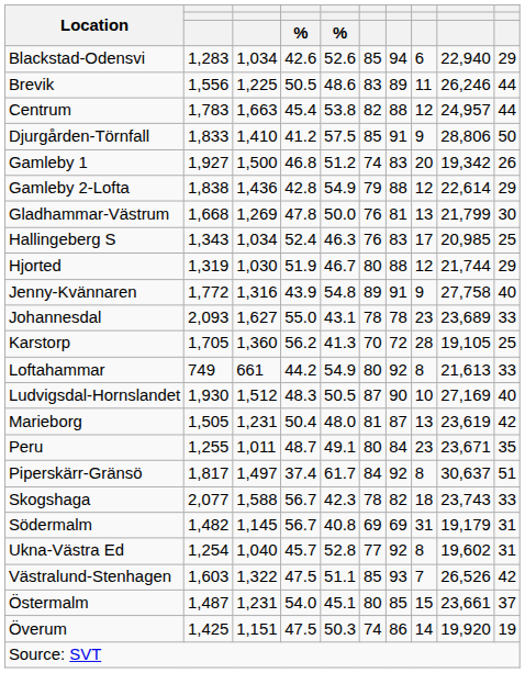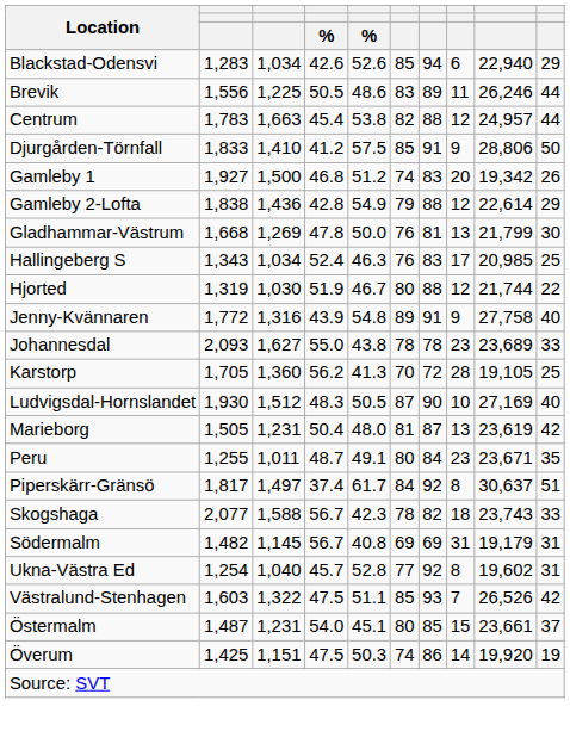 <table role="presentation" class="wikitable sortable mw-collapsible">
 <tr>
 <th rowspan="3">Location</th>
 <th></th>
 <th></th>
 <th></th>
 <th></th>
 <th></th>
 <th></th>
 <th></th>
 <th></th>
 <th></th>
 </tr>
 <tr>
 <th></th>
 <th></th>
 <th style="background:"></th>
 <th style="background:"></th>
 <th></th>
 <th></th>
 <th></th>
 <th></th>
 <th></th>
 </tr>
 <tr>
 <th data-sort-type="number"></th>
 <th data-sort-type="number"></th>
 <th data-sort-type="number">%</th>
 <th data-sort-type="number">%</th>
 <th data-sort-type="number"></th>
 <th data-sort-type="number"></th>
 <th data-sort-type="number"></th>
 <th data-sort-type="number"></th>
 <th data-sort-type="number"></th>
 </tr>
 <tr>
 <td align="left">Blackstad-Odensvi</td>
 <td>1,283</td>
 <td>1,034</td>
 <td>42.6</td>
 <td>52.6</td>
 <td>85</td>
 <td>94</td>
 <td>6</td>
 <td>22,940</td>
 <td>29</td>
 </tr>
 <tr>
 <td align="left">Brevik</td>
 <td>1,556</td>
 <td>1,225</td>
 <td>50.5</td>
 <td>48.6</td>
 <td>83</td>
 <td>89</td>
 <td>11</td>
 <td>26,246</td>
 <td>44</td>
 </tr>
 <tr>
 <td align="left">Centrum</td>
 <td>1,783</td>
 <td>1,663</td>
 <td>45.4</td>
 <td>53.8</td>
 <td>82</td>
 <td>88</td>
 <td>12</td>
 <td>24,957</td>
 <td>44</td>
 </tr>
 <tr>
 <td align="left">Djurgården-Törnfall</td>
 <td>1,833</td>
 <td>1,410</td>
 <td>41.2</td>
 <td>57.5</td>
 <td>85</td>
 <td>91</td>
 <td>9</td>
 <td>28,806</td>
 <td>50</td>
 </tr>
 <tr>
 <td align="left">Gamleby 1</td>
 <td>1,927</td>
 <td>1,500</td>
 <td>46.8</td>
 <td>51.2</td>
 <td>74</td>
 <td>83</td>
 <td>20</td>
 <td>19,342</td>
 <td>26</td>
 </tr>
 <tr>
 <td align="left">Gamleby 2-Lofta</td>
 <td>1,838</td>
 <td>1,436</td>
 <td>42.8</td>
 <td>54.9</td>
 <td>79</td>
 <td>88</td>
 <td>12</td>
 <td>22,614</td>
 <td>29</td>
 </tr>
 <tr>
 <td align="left">Gladhammar-Västrum</td>
 <td>1,668</td>
 <td>1,269</td>
 <td>47.8</td>
 <td>50.0</td>
 <td>76</td>
 <td>81</td>
 <td>13</td>
 <td>21,799</td>
 <td>30</td>
 </tr>
 <tr>
 <td align="left">Hallingeberg S</td>
 <td>1,343</td>
 <td>1,034</td>
 <td>52.4</td>
 <td>46.3</td>
 <td>76</td>
 <td>83</td>
 <td>17</td>
 <td>20,985</td>
 <td>25</td>
 </tr>
 <tr>
 <td align="left">Hjorted</td>
 <td>1,319</td>
 <td>1,030</td>
 <td>51.9</td>
 <td>46.7</td>
 <td>80</td>
 <td>88</td>
 <td>12</td>
 <td>21,744</td>
-<td>29</td>
+<td>22</td>
 </tr>
 <tr>
 <td align="left">Jenny-Kvännaren</td>
 <td>1,772</td>
 <td>1,316</td>
 <td>43.9</td>
 <td>54.8</td>
 <td>89</td>
 <td>91</td>
 <td>9</td>
 <td>27,758</td>
 <td>40</td>
 </tr>
 <tr>
 <td align="left">Johannesdal</td>
 <td>2,093</td>
 <td>1,627</td>
 <td>55.0</td>
-<td>43.1</td>
+<td>43.8</td>
 <td>78</td>
 <td>78</td>
 <td>23</td>
 <td>23,689</td>
 <td>33</td>
 </tr>
 <tr>
 <td align="left">Karstorp</td>
 <td>1,705</td>
 <td>1,360</td>
 <td>56.2</td>
 <td>41.3</td>
 <td>70</td>
 <td>72</td>
 <td>28</td>
 <td>19,105</td>
 <td>25</td>
-</tr>
-<tr>
-<td align="left">Loftahammar</td>
-<td>749</td>
-<td>661</td>
-<td>44.2</td>
-<td>54.9</td>
-<td>80</td>
-<td>92</td>
-<td>8</td>
-<td>21,613</td>
-<td>33</td>
 </tr>
 <tr>
 <td align="left">Ludvigsdal-Hornslandet</td>
 <td>1,930</td>
 <td>1,512</td>
 <td>48.3</td>
 <td>50.5</td>
 <td>87</td>
 <td>90</td>
 <td>10</td>
 <td>27,169</td>
 <td>40</td>
 </tr>
 <tr>
 <td align="left">Marieborg</td>
 <td>1,505</td>
 <td>1,231</td>
 <td>50.4</td>
 <td>48.0</td>
 <td>81</td>
 <td>87</td>
 <td>13</td>
 <td>23,619</td>
 <td>42</td>
 </tr>
 <tr>
 <td align="left">Peru</td>
 <td>1,255</td>
 <td>1,011</td>
 <td>48.7</td>
 <td>49.1</td>
 <td>80</td>
 <td>84</td>
 <td>23</td>
 <td>23,671</td>
 <td>35</td>
 </tr>
 <tr>
 <td align="left">Piperskärr-Gränsö</td>
 <td>1,817</td>
 <td>1,497</td>
 <td>37.4</td>
 <td>61.7</td>
 <td>84</td>
 <td>92</td>
 <td>8</td>
 <td>30,637</td>
 <td>51</td>
 </tr>
 <tr>
 <td align="left">Skogshaga</td>
 <td>2,077</td>
 <td>1,588</td>
 <td>56.7</td>
 <td>42.3</td>
 <td>78</td>
 <td>82</td>
 <td>18</td>
 <td>23,743</td>
 <td>33</td>
 </tr>
 <tr>
 <td align="left">Södermalm</td>
 <td>1,482</td>
 <td>1,145</td>
 <td>56.7</td>
 <td>40.8</td>
 <td>69</td>
 <td>69</td>
 <td>31</td>
 <td>19,179</td>
 <td>31</td>
 </tr>
 <tr>
 <td align="left">Ukna-Västra Ed</td>
 <td>1,254</td>
 <td>1,040</td>
 <td>45.7</td>
 <td>52.8</td>
 <td>77</td>
 <td>92</td>
 <td>8</td>
 <td>19,602</td>
 <td>31</td>
 </tr>
 <tr>
 <td align="left">Västralund-Stenhagen</td>
 <td>1,603</td>
 <td>1,322</td>
 <td>47.5</td>
 <td>51.1</td>
 <td>85</td>
 <td>93</td>
 <td>7</td>
 <td>26,526</td>
 <td>42</td>
 </tr>
 <tr>
 <td align="left">Östermalm</td>
 <td>1,487</td>
 <td>1,231</td>
 <td>54.0</td>
 <td>45.1</td>
 <td>80</td>
 <td>85</td>
 <td>15</td>
 <td>23,661</td>
 <td>37</td>
 </tr>
 <tr>
 <td align="left">Överum</td>
 <td>1,425</td>
 <td>1,151</td>
 <td>47.5</td>
 <td>50.3</td>
 <td>74</td>
 <td>86</td>
 <td>14</td>
 <td>19,920</td>
 <td>19</td>
 </tr>
 <tr>
 <td colspan="10" align="left">Source: <a href='#'>SVT</a></td>
 </tr>
 </table>
